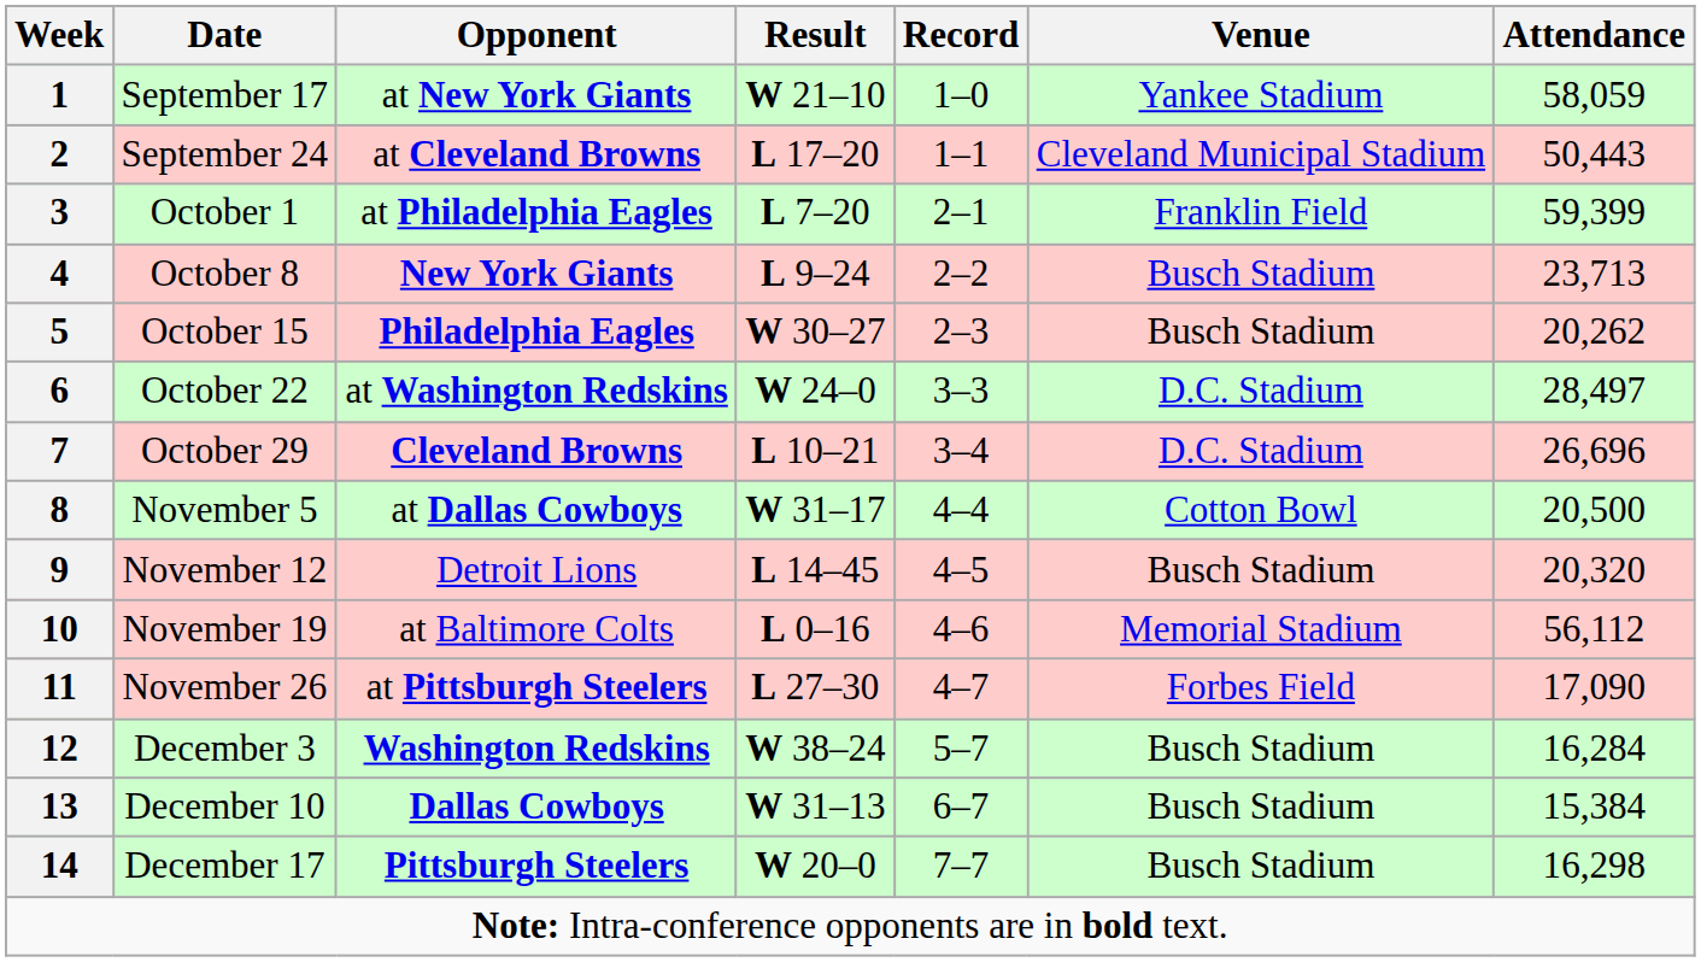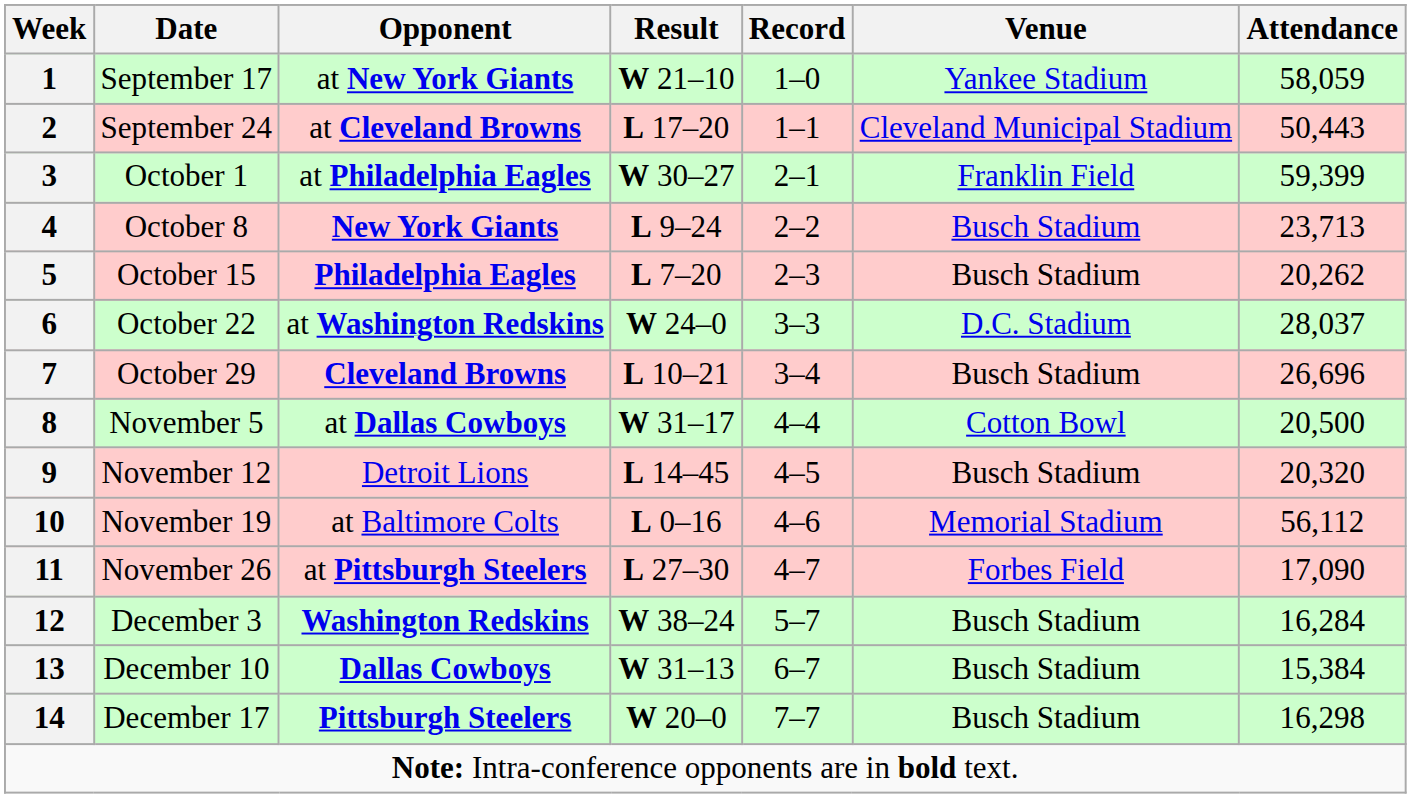 <table class="wikitable" style="text-align:center">
 <tr>
 <th>Week</th>
 <th>Date</th>
 <th>Opponent</th>
 <th>Result</th>
 <th>Record</th>
 <th>Venue</th>
 <th>Attendance</th>
 </tr>
 <tr style="background:#cfc">
 <th>1</th>
 <td>September 17</td>
 <td>at <strong><a href='#'>New York Giants</a></strong></td>
 <td><strong>W</strong> 21–10</td>
 <td>1–0</td>
 <td><a href='#'>Yankee Stadium</a></td>
 <td>58,059</td>
 </tr>
 <tr style="background:#fcc">
 <th>2</th>
 <td>September 24</td>
 <td>at <strong><a href='#'>Cleveland Browns</a></strong></td>
 <td><strong>L</strong> 17–20</td>
 <td>1–1</td>
 <td><a href='#'>Cleveland Municipal Stadium</a></td>
 <td>50,443</td>
 </tr>
 <tr style="background:#cfc">
 <th>3</th>
 <td>October 1</td>
 <td>at <strong><a href='#'>Philadelphia Eagles</a></strong></td>
-<td><strong>L</strong> 7–20</td>
+<td><strong>W</strong> 30–27</td>
 <td>2–1</td>
 <td><a href='#'>Franklin Field</a></td>
 <td>59,399</td>
 </tr>
 <tr style="background:#fcc">
 <th>4</th>
 <td>October 8</td>
 <td><strong><a href='#'>New York Giants</a></strong></td>
 <td><strong>L</strong> 9–24</td>
 <td>2–2</td>
 <td><a href='#'>Busch Stadium</a></td>
 <td>23,713</td>
 </tr>
 <tr style="background:#fcc">
 <th>5</th>
 <td>October 15</td>
 <td><strong><a href='#'>Philadelphia Eagles</a></strong></td>
-<td><strong>W</strong> 30–27</td>
+<td><strong>L</strong> 7–20</td>
 <td>2–3</td>
 <td>Busch Stadium</td>
 <td>20,262</td>
 </tr>
 <tr style="background:#cfc">
 <th>6</th>
 <td>October 22</td>
 <td>at <strong><a href='#'>Washington Redskins</a></strong></td>
 <td><strong>W</strong> 24–0</td>
 <td>3–3</td>
 <td><a href='#'>D.C. Stadium</a></td>
-<td>28,497</td>
+<td>28,037</td>
 </tr>
 <tr style="background:#fcc">
 <th>7</th>
 <td>October 29</td>
 <td><strong><a href='#'>Cleveland Browns</a></strong></td>
 <td><strong>L</strong> 10–21</td>
 <td>3–4</td>
-<td><a href='#'>D.C. Stadium</a></td>
+<td>Busch Stadium</td>
 <td>26,696</td>
 </tr>
 <tr style="background:#cfc">
 <th>8</th>
 <td>November 5</td>
 <td>at <strong><a href='#'>Dallas Cowboys</a></strong></td>
 <td><strong>W</strong> 31–17</td>
 <td>4–4</td>
 <td><a href='#'>Cotton Bowl</a></td>
 <td>20,500</td>
 </tr>
 <tr style="background:#fcc">
 <th>9</th>
 <td>November 12</td>
 <td><a href='#'>Detroit Lions</a></td>
 <td><strong>L</strong> 14–45</td>
 <td>4–5</td>
 <td>Busch Stadium</td>
 <td>20,320</td>
 </tr>
 <tr style="background:#fcc">
 <th>10</th>
 <td>November 19</td>
 <td>at <a href='#'>Baltimore Colts</a></td>
 <td><strong>L</strong> 0–16</td>
 <td>4–6</td>
 <td><a href='#'>Memorial Stadium</a></td>
 <td>56,112</td>
 </tr>
 <tr style="background:#fcc">
 <th>11</th>
 <td>November 26</td>
 <td>at <strong><a href='#'>Pittsburgh Steelers</a></strong></td>
 <td><strong>L</strong> 27–30</td>
 <td>4–7</td>
 <td><a href='#'>Forbes Field</a></td>
 <td>17,090</td>
 </tr>
 <tr style="background:#cfc">
 <th>12</th>
 <td>December 3</td>
 <td><strong><a href='#'>Washington Redskins</a></strong></td>
 <td><strong>W</strong> 38–24</td>
 <td>5–7</td>
 <td>Busch Stadium</td>
 <td>16,284</td>
 </tr>
 <tr style="background:#cfc">
 <th>13</th>
 <td>December 10</td>
 <td><strong><a href='#'>Dallas Cowboys</a></strong></td>
 <td><strong>W</strong> 31–13</td>
 <td>6–7</td>
 <td>Busch Stadium</td>
 <td>15,384</td>
 </tr>
 <tr style="background:#cfc">
 <th>14</th>
 <td>December 17</td>
 <td><strong><a href='#'>Pittsburgh Steelers</a></strong></td>
 <td><strong>W</strong> 20–0</td>
 <td>7–7</td>
 <td>Busch Stadium</td>
 <td>16,298</td>
 </tr>
 <tr>
 <td colspan="8"><strong>Note:</strong> Intra-conference opponents are in <strong>bold</strong> text.</td>
 </tr>
 </table>
